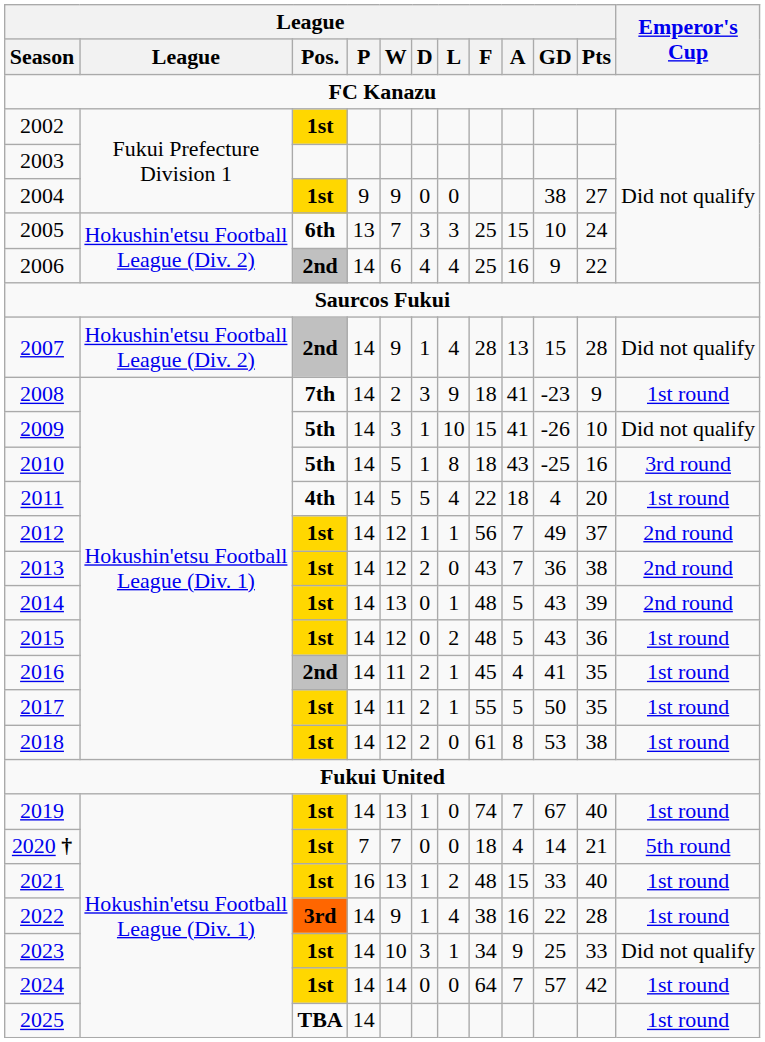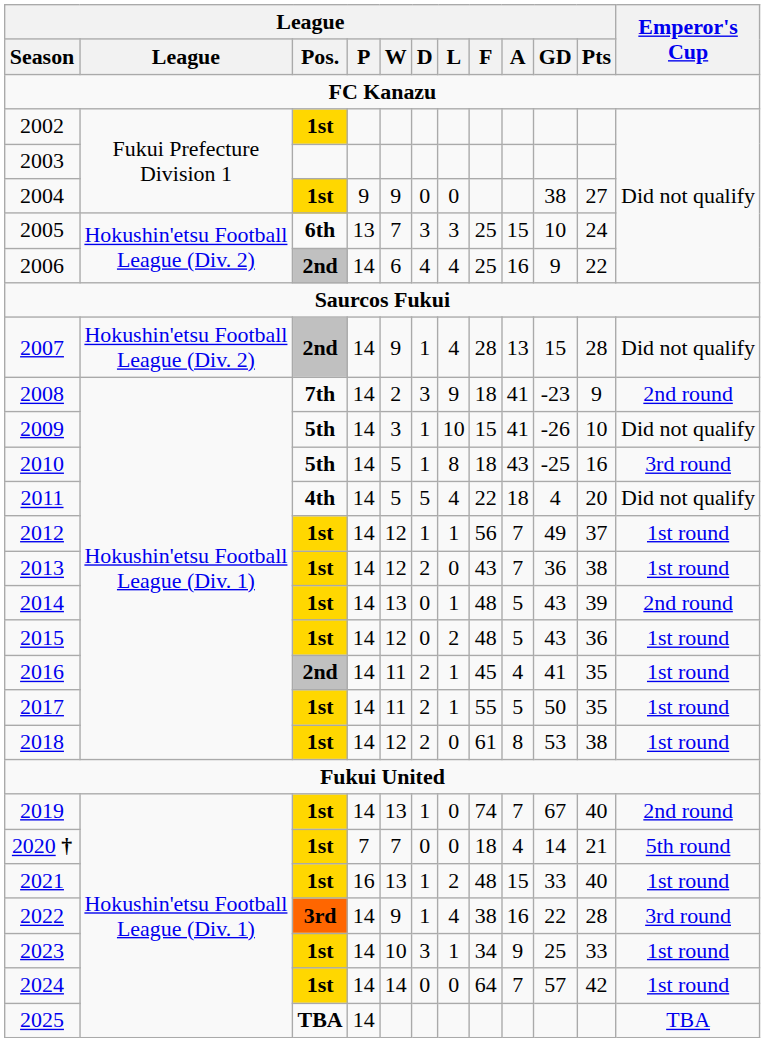 <table class="wikitable" style="text-align:center;">
 <tr>
 <th colspan="11">League</th>
 <th rowspan="2"><a href='#'>Emperor's<br>Cup</a></th>
 </tr>
 <tr>
 <th>Season</th>
 <th>League</th>
 <th>Pos.</th>
 <th>P</th>
 <th>W</th>
 <th>D</th>
 <th>L</th>
 <th>F</th>
 <th>A</th>
 <th>GD</th>
 <th>Pts</th>
 </tr>
 <tr>
 <td colspan="12"><strong>FC Kanazu</strong></td>
 </tr>
 <tr>
 <td>2002</td>
 <td rowspan="3">Fukui Prefecture <br> Division 1</td>
 <td bgcolor=gold><strong>1st</strong></td>
 <td></td>
 <td></td>
 <td></td>
 <td></td>
 <td></td>
 <td></td>
 <td></td>
 <td></td>
 <td rowspan="5">Did not qualify</td>
 </tr>
 <tr>
 <td>2003</td>
 <td></td>
 <td></td>
 <td></td>
 <td></td>
 <td></td>
 <td></td>
 <td></td>
 <td></td>
 <td></td>
 </tr>
 <tr>
 <td>2004</td>
 <td bgcolor=gold><strong>1st</strong></td>
 <td>9</td>
 <td>9</td>
 <td>0</td>
 <td>0</td>
 <td></td>
 <td></td>
 <td>38</td>
 <td>27</td>
 </tr>
 <tr>
 <td>2005</td>
 <td rowspan="2"><a href='#'>Hokushin'etsu Football<br> League (Div. 2)</a></td>
 <td><strong>6th</strong></td>
 <td>13</td>
 <td>7</td>
 <td>3</td>
 <td>3</td>
 <td>25</td>
 <td>15</td>
 <td>10</td>
 <td>24</td>
 </tr>
 <tr>
 <td>2006</td>
 <td bgcolor=silver><strong>2nd</strong></td>
 <td>14</td>
 <td>6</td>
 <td>4</td>
 <td>4</td>
 <td>25</td>
 <td>16</td>
 <td>9</td>
 <td>22</td>
 </tr>
 <tr>
 <td colspan="12"><strong>Saurcos Fukui</strong></td>
 </tr>
 <tr>
 <td><a href='#'>2007</a></td>
 <td><a href='#'>Hokushin'etsu Football<br> League (Div. 2)</a></td>
 <td bgcolor=silver><strong>2nd</strong></td>
 <td>14</td>
 <td>9</td>
 <td>1</td>
 <td>4</td>
 <td>28</td>
 <td>13</td>
 <td>15</td>
 <td>28</td>
 <td>Did not qualify</td>
 </tr>
 <tr>
 <td><a href='#'>2008</a></td>
 <td rowspan="11"><a href='#'>Hokushin'etsu Football<br>League (Div. 1)</a></td>
 <td><strong>7th</strong></td>
 <td>14</td>
 <td>2</td>
 <td>3</td>
 <td>9</td>
 <td>18</td>
 <td>41</td>
 <td>-23</td>
 <td>9</td>
-<td><a href='#'>1st round</a></td>
+<td><a href='#'>2nd round</a></td>
 </tr>
 <tr>
 <td><a href='#'>2009</a></td>
 <td><strong>5th</strong></td>
 <td>14</td>
 <td>3</td>
 <td>1</td>
 <td>10</td>
 <td>15</td>
 <td>41</td>
 <td>-26</td>
 <td>10</td>
 <td>Did not qualify</td>
 </tr>
 <tr>
 <td><a href='#'>2010</a></td>
 <td><strong>5th</strong></td>
 <td>14</td>
 <td>5</td>
 <td>1</td>
 <td>8</td>
 <td>18</td>
 <td>43</td>
 <td>-25</td>
 <td>16</td>
 <td><a href='#'>3rd round</a></td>
 </tr>
 <tr>
 <td><a href='#'>2011</a></td>
 <td><strong>4th</strong></td>
 <td>14</td>
 <td>5</td>
 <td>5</td>
 <td>4</td>
 <td>22</td>
 <td>18</td>
 <td>4</td>
 <td>20</td>
-<td><a href='#'>1st round</a></td>
+<td>Did not qualify</td>
 </tr>
 <tr>
 <td><a href='#'>2012</a></td>
 <td bgcolor=gold><strong>1st</strong></td>
 <td>14</td>
 <td>12</td>
 <td>1</td>
 <td>1</td>
 <td>56</td>
 <td>7</td>
 <td>49</td>
 <td>37</td>
-<td><a href='#'>2nd round</a></td>
+<td><a href='#'>1st round</a></td>
 </tr>
 <tr>
 <td><a href='#'>2013</a></td>
 <td bgcolor=gold><strong>1st</strong></td>
 <td>14</td>
 <td>12</td>
 <td>2</td>
 <td>0</td>
 <td>43</td>
 <td>7</td>
 <td>36</td>
 <td>38</td>
-<td><a href='#'>2nd round</a></td>
+<td><a href='#'>1st round</a></td>
 </tr>
 <tr>
 <td><a href='#'>2014</a></td>
 <td bgcolor=gold><strong>1st</strong></td>
 <td>14</td>
 <td>13</td>
 <td>0</td>
 <td>1</td>
 <td>48</td>
 <td>5</td>
 <td>43</td>
 <td>39</td>
 <td><a href='#'>2nd round</a></td>
 </tr>
 <tr>
 <td><a href='#'>2015</a></td>
 <td bgcolor=gold><strong>1st</strong></td>
 <td>14</td>
 <td>12</td>
 <td>0</td>
 <td>2</td>
 <td>48</td>
 <td>5</td>
 <td>43</td>
 <td>36</td>
 <td><a href='#'>1st round</a></td>
 </tr>
 <tr>
 <td><a href='#'>2016</a></td>
 <td bgcolor=silver><strong>2nd</strong></td>
 <td>14</td>
 <td>11</td>
 <td>2</td>
 <td>1</td>
 <td>45</td>
 <td>4</td>
 <td>41</td>
 <td>35</td>
 <td><a href='#'>1st round</a></td>
 </tr>
 <tr>
 <td><a href='#'>2017</a></td>
 <td bgcolor=gold><strong>1st</strong></td>
 <td>14</td>
 <td>11</td>
 <td>2</td>
 <td>1</td>
 <td>55</td>
 <td>5</td>
 <td>50</td>
 <td>35</td>
 <td><a href='#'>1st round</a></td>
 </tr>
 <tr>
 <td><a href='#'>2018</a></td>
 <td bgcolor=gold><strong>1st</strong></td>
 <td>14</td>
 <td>12</td>
 <td>2</td>
 <td>0</td>
 <td>61</td>
 <td>8</td>
 <td>53</td>
 <td>38</td>
 <td><a href='#'>1st round</a></td>
 </tr>
 <tr>
 <td colspan="12"><strong>Fukui United</strong></td>
 </tr>
 <tr>
 <td><a href='#'>2019</a></td>
 <td rowspan="7"><a href='#'>Hokushin'etsu Football<br>League (Div. 1)</a></td>
 <td bgcolor=gold><strong>1st</strong></td>
 <td>14</td>
 <td>13</td>
 <td>1</td>
 <td>0</td>
 <td>74</td>
 <td>7</td>
 <td>67</td>
 <td>40</td>
-<td><a href='#'>1st round</a></td>
+<td><a href='#'>2nd round</a></td>
 </tr>
 <tr>
 <td><a href='#'>2020</a> <strong>†</strong></td>
 <td bgcolor=gold><strong>1st</strong></td>
 <td>7</td>
 <td>7</td>
 <td>0</td>
 <td>0</td>
 <td>18</td>
 <td>4</td>
 <td>14</td>
 <td>21</td>
 <td><a href='#'>5th round</a></td>
 </tr>
 <tr>
 <td><a href='#'>2021</a></td>
 <td bgcolor=gold><strong>1st</strong></td>
 <td>16</td>
 <td>13</td>
 <td>1</td>
 <td>2</td>
 <td>48</td>
 <td>15</td>
 <td>33</td>
 <td>40</td>
 <td><a href='#'>1st round</a></td>
 </tr>
 <tr>
 <td><a href='#'>2022</a></td>
 <td bgcolor=ff6600><strong>3rd</strong></td>
 <td>14</td>
 <td>9</td>
 <td>1</td>
 <td>4</td>
 <td>38</td>
 <td>16</td>
 <td>22</td>
 <td>28</td>
-<td><a href='#'>1st round</a></td>
+<td><a href='#'>3rd round</a></td>
 </tr>
 <tr>
 <td><a href='#'>2023</a></td>
 <td bgcolor=gold><strong>1st</strong></td>
 <td>14</td>
 <td>10</td>
 <td>3</td>
 <td>1</td>
 <td>34</td>
 <td>9</td>
 <td>25</td>
 <td>33</td>
-<td>Did not qualify</td>
+<td><a href='#'>1st round</a></td>
 </tr>
 <tr>
 <td><a href='#'>2024</a></td>
 <td bgcolor=gold><strong>1st</strong></td>
 <td>14</td>
 <td>14</td>
 <td>0</td>
 <td>0</td>
 <td>64</td>
 <td>7</td>
 <td>57</td>
 <td>42</td>
 <td><a href='#'>1st round</a></td>
 </tr>
 <tr>
 <td><a href='#'>2025</a></td>
 <td><strong>TBA</strong></td>
 <td>14</td>
 <td></td>
 <td></td>
 <td></td>
 <td></td>
 <td></td>
 <td></td>
 <td></td>
-<td><a href='#'>1st round</a></td>
+<td><a href='#'>TBA</a></td>
 </tr>
 </table>
